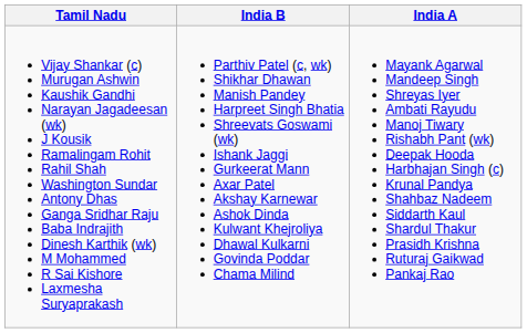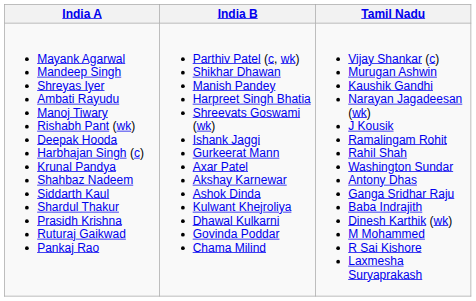 <table class="wikitable">
 <tr>
+<th style="width:150pt;"><a href='#'>India A</a></th>
+<th style="width:150pt;"><a href='#'>India B</a></th>
 <th style="width:150pt;"><a href='#'>Tamil Nadu</a></th>
-<th style="width:150pt;"><a href='#'>India B</a></th>
-<th style="width:150pt;"><a href='#'>India A</a></th>
 </tr>
 <tr style="vertical-align:top">
+<td><br><ul><li><a href='#'>Mayank Agarwal</a></li><li><a href='#'>Mandeep Singh</a></li><li><a href='#'>Shreyas Iyer</a></li><li><a href='#'>Ambati Rayudu</a></li><li><a href='#'>Manoj Tiwary</a></li><li><a href='#'>Rishabh Pant</a> (<a href='#'>wk</a>)</li><li><a href='#'>Deepak Hooda</a></li><li><a href='#'>Harbhajan Singh</a> (<a href='#'>c</a>)</li><li><a href='#'>Krunal Pandya</a></li><li><a href='#'>Shahbaz Nadeem</a></li><li><a href='#'>Siddarth Kaul</a></li><li><a href='#'>Shardul Thakur</a></li><li><a href='#'>Prasidh Krishna</a></li><li><a href='#'>Ruturaj Gaikwad</a></li><li><a href='#'>Pankaj Rao</a></li></ul></td>
+<td><br><ul><li><a href='#'>Parthiv Patel</a> (<a href='#'>c</a>, <a href='#'>wk</a>)</li><li><a href='#'>Shikhar Dhawan</a></li><li><a href='#'>Manish Pandey</a></li><li><a href='#'>Harpreet Singh Bhatia</a></li><li><a href='#'>Shreevats Goswami</a> (<a href='#'>wk</a>)</li><li><a href='#'>Ishank Jaggi</a></li><li><a href='#'>Gurkeerat Mann</a></li><li><a href='#'>Axar Patel</a></li><li><a href='#'>Akshay Karnewar</a></li><li><a href='#'>Ashok Dinda</a></li><li><a href='#'>Kulwant Khejroliya</a></li><li><a href='#'>Dhawal Kulkarni</a></li><li><a href='#'>Govinda Poddar</a></li><li><a href='#'>Chama Milind</a></li></ul></td>
 <td><br><ul><li><a href='#'>Vijay Shankar</a> (<a href='#'>c</a>)</li><li><a href='#'>Murugan Ashwin</a></li><li><a href='#'>Kaushik Gandhi</a></li><li><a href='#'>Narayan Jagadeesan</a> (<a href='#'>wk</a>)</li><li><a href='#'>J Kousik</a></li><li><a href='#'>Ramalingam Rohit</a></li><li><a href='#'>Rahil Shah</a></li><li><a href='#'>Washington Sundar</a></li><li><a href='#'>Antony Dhas</a></li><li><a href='#'>Ganga Sridhar Raju</a></li><li><a href='#'>Baba Indrajith</a></li><li><a href='#'>Dinesh Karthik</a> (<a href='#'>wk</a>)</li><li><a href='#'>M Mohammed</a></li><li><a href='#'>R Sai Kishore</a></li><li><a href='#'>Laxmesha Suryaprakash</a></li></ul></td>
-<td><br><ul><li><a href='#'>Parthiv Patel</a> (<a href='#'>c</a>, <a href='#'>wk</a>)</li><li><a href='#'>Shikhar Dhawan</a></li><li><a href='#'>Manish Pandey</a></li><li><a href='#'>Harpreet Singh Bhatia</a></li><li><a href='#'>Shreevats Goswami</a> (<a href='#'>wk</a>)</li><li><a href='#'>Ishank Jaggi</a></li><li><a href='#'>Gurkeerat Mann</a></li><li><a href='#'>Axar Patel</a></li><li><a href='#'>Akshay Karnewar</a></li><li><a href='#'>Ashok Dinda</a></li><li><a href='#'>Kulwant Khejroliya</a></li><li><a href='#'>Dhawal Kulkarni</a></li><li><a href='#'>Govinda Poddar</a></li><li><a href='#'>Chama Milind</a></li></ul></td>
-<td><br><ul><li><a href='#'>Mayank Agarwal</a></li><li><a href='#'>Mandeep Singh</a></li><li><a href='#'>Shreyas Iyer</a></li><li><a href='#'>Ambati Rayudu</a></li><li><a href='#'>Manoj Tiwary</a></li><li><a href='#'>Rishabh Pant</a> (<a href='#'>wk</a>)</li><li><a href='#'>Deepak Hooda</a></li><li><a href='#'>Harbhajan Singh</a> (<a href='#'>c</a>)</li><li><a href='#'>Krunal Pandya</a></li><li><a href='#'>Shahbaz Nadeem</a></li><li><a href='#'>Siddarth Kaul</a></li><li><a href='#'>Shardul Thakur</a></li><li><a href='#'>Prasidh Krishna</a></li><li><a href='#'>Ruturaj Gaikwad</a></li><li><a href='#'>Pankaj Rao</a></li></ul></td>
 </tr>
 </table>
